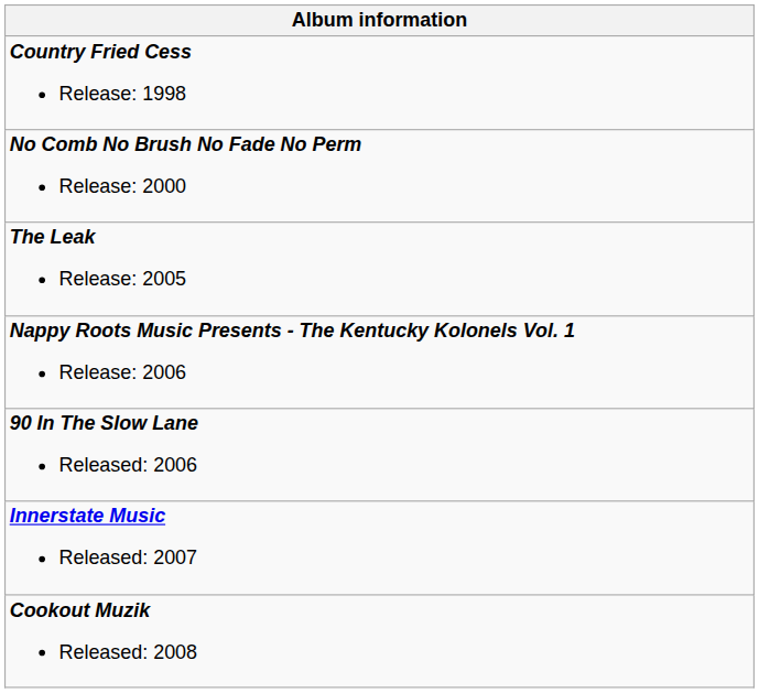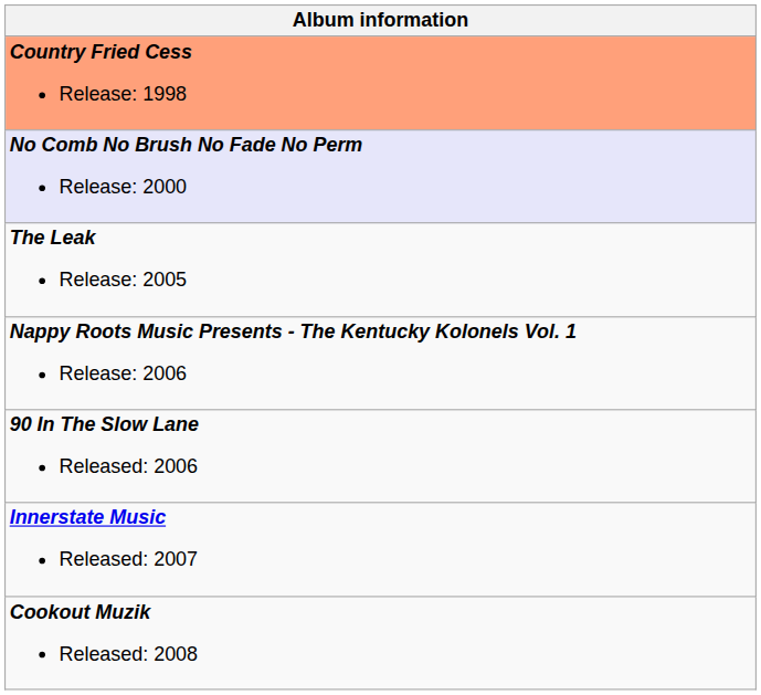 <table class="wikitable">
 <tr>
 <th align="left" width="650">Album information</th>
 </tr>
 <tr>
-<td align="left"><strong><em>Country Fried Cess</em></strong><br><ul><li>Release: 1998</li></ul></td>
+<td align="left" style="background: lightsalmon;"><strong><em>Country Fried Cess</em></strong><br><ul><li>Release: 1998</li></ul></td>
 </tr>
 <tr>
-<td align="left"><strong><em>No Comb No Brush No Fade No Perm</em></strong><br><ul><li>Release: 2000</li></ul></td>
+<td align="left" style="background: lavender;"><strong><em>No Comb No Brush No Fade No Perm</em></strong><br><ul><li>Release: 2000</li></ul></td>
 </tr>
 <tr>
 <td align="left"><strong><em>The Leak</em></strong><br><ul><li>Release: 2005</li></ul></td>
 </tr>
 <tr>
 <td align="left"><strong><em>Nappy Roots Music Presents - The Kentucky Kolonels Vol. 1</em></strong><br><ul><li>Release: 2006</li></ul></td>
 </tr>
 <tr>
 <td align="left"><strong><em>90 In The Slow Lane</em></strong><br><ul><li>Released: 2006</li></ul></td>
 </tr>
 <tr>
 <td align="left"><strong><em><a href='#'>Innerstate Music</a></em></strong><br><ul><li>Released: 2007</li></ul></td>
 </tr>
 <tr>
 <td align="left"><strong><em>Cookout Muzik</em></strong><br><ul><li>Released: 2008</li></ul></td>
 </tr>
 </table>
